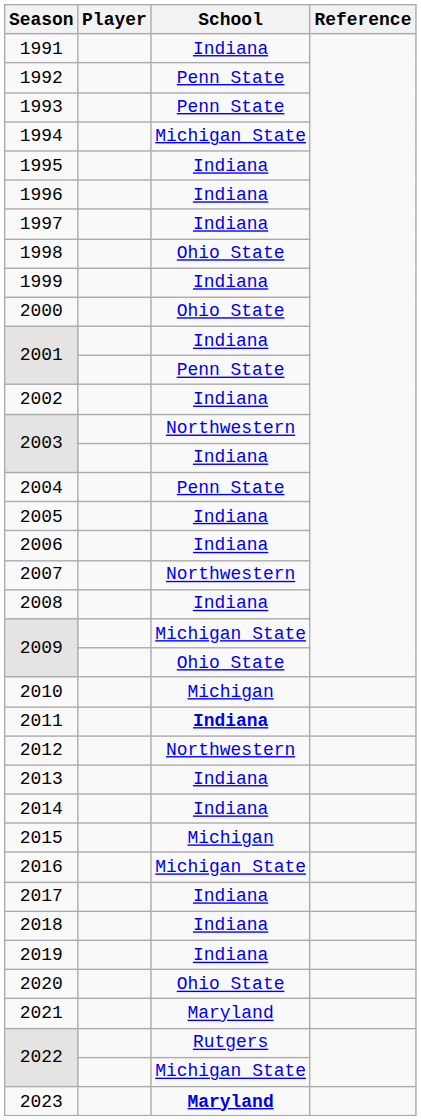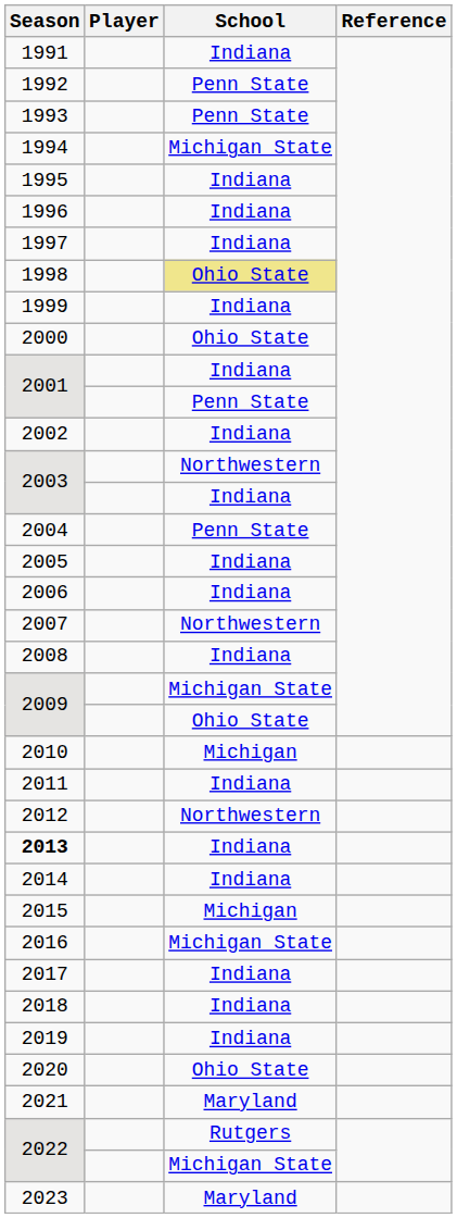 <table class="wikitable sortable" style="text-align:center;">
 <tr>
 <th>Season</th>
 <th>Player</th>
 <th>School</th>
 <th class="unsortable">Reference</th>
 </tr>
 <tr>
 <td>1991</td>
 <td></td>
 <td><a href='#'>Indiana</a></td>
 <td rowspan="22"></td>
 </tr>
 <tr>
 <td>1992</td>
 <td></td>
 <td><a href='#'>Penn State</a></td>
 </tr>
 <tr>
 <td>1993</td>
 <td></td>
 <td><a href='#'>Penn State</a></td>
 </tr>
 <tr>
 <td>1994</td>
 <td></td>
 <td><a href='#'>Michigan State</a></td>
 </tr>
 <tr>
 <td>1995</td>
 <td></td>
 <td><a href='#'>Indiana</a></td>
 </tr>
 <tr>
 <td>1996</td>
 <td></td>
 <td><a href='#'>Indiana</a></td>
 </tr>
 <tr>
 <td>1997</td>
 <td></td>
 <td><a href='#'>Indiana</a></td>
 </tr>
 <tr>
 <td>1998</td>
 <td></td>
-<td><a href='#'>Ohio State</a></td>
+<td style="background: khaki;"><a href='#'>Ohio State</a></td>
 </tr>
 <tr>
 <td>1999</td>
 <td></td>
 <td><a href='#'>Indiana</a></td>
 </tr>
 <tr>
 <td>2000</td>
 <td></td>
 <td><a href='#'>Ohio State</a></td>
 </tr>
 <tr>
 <td rowspan=2 bgcolor=#E5E4E2>2001</td>
 <td></td>
 <td><a href='#'>Indiana</a></td>
 </tr>
 <tr>
 <td></td>
 <td><a href='#'>Penn State</a></td>
 </tr>
 <tr>
 <td>2002</td>
 <td></td>
 <td><a href='#'>Indiana</a></td>
 </tr>
 <tr>
 <td rowspan=2 bgcolor=#E5E4E2>2003</td>
 <td></td>
 <td><a href='#'>Northwestern</a></td>
 </tr>
 <tr>
 <td></td>
 <td><a href='#'>Indiana</a></td>
 </tr>
 <tr>
 <td>2004</td>
 <td></td>
 <td><a href='#'>Penn State</a></td>
 </tr>
 <tr>
 <td>2005</td>
 <td></td>
 <td><a href='#'>Indiana</a></td>
 </tr>
 <tr>
 <td>2006</td>
 <td></td>
 <td><a href='#'>Indiana</a></td>
 </tr>
 <tr>
 <td>2007</td>
 <td></td>
 <td><a href='#'>Northwestern</a></td>
 </tr>
 <tr>
 <td>2008</td>
 <td></td>
 <td><a href='#'>Indiana</a></td>
 </tr>
 <tr>
 <td rowspan=2 bgcolor=#E5E4E2>2009</td>
 <td></td>
 <td><a href='#'>Michigan State</a></td>
 </tr>
 <tr>
 <td></td>
 <td><a href='#'>Ohio State</a></td>
 </tr>
 <tr>
 <td>2010</td>
 <td></td>
 <td><a href='#'>Michigan</a></td>
 <td></td>
 </tr>
 <tr>
 <td>2011</td>
 <td></td>
-<td><strong><a href='#'>Indiana</a></strong></td>
+<td><a href='#'>Indiana</a></td>
 <td></td>
 </tr>
 <tr>
 <td>2012</td>
 <td></td>
 <td><a href='#'>Northwestern</a></td>
 <td></td>
 </tr>
 <tr>
-<td>2013</td>
+<td><strong>2013</strong></td>
 <td></td>
 <td><a href='#'>Indiana</a></td>
 <td></td>
 </tr>
 <tr>
 <td>2014</td>
 <td></td>
 <td><a href='#'>Indiana</a></td>
 <td></td>
 </tr>
 <tr>
 <td>2015</td>
 <td></td>
 <td><a href='#'>Michigan</a></td>
 <td></td>
 </tr>
 <tr>
 <td>2016</td>
 <td></td>
 <td><a href='#'>Michigan State</a></td>
 <td></td>
 </tr>
 <tr>
 <td>2017</td>
 <td></td>
 <td><a href='#'>Indiana</a></td>
 <td></td>
 </tr>
 <tr>
 <td>2018</td>
 <td></td>
 <td><a href='#'>Indiana</a></td>
 <td></td>
 </tr>
 <tr>
 <td>2019</td>
 <td></td>
 <td><a href='#'>Indiana</a></td>
 <td></td>
 </tr>
 <tr>
 <td>2020</td>
 <td></td>
 <td><a href='#'>Ohio State</a></td>
 <td></td>
 </tr>
 <tr>
 <td>2021</td>
 <td></td>
 <td><a href='#'>Maryland</a></td>
 <td></td>
 </tr>
 <tr>
 <td rowspan=2 bgcolor=#E5E4E2>2022</td>
 <td></td>
 <td><a href='#'>Rutgers</a></td>
 <td rowspan="2"></td>
 </tr>
 <tr>
 <td></td>
 <td><a href='#'>Michigan State</a></td>
 </tr>
 <tr>
 <td>2023</td>
 <td></td>
-<td><strong><a href='#'>Maryland</a></strong></td>
+<td><a href='#'>Maryland</a></td>
 <td></td>
 </tr>
 </table>
